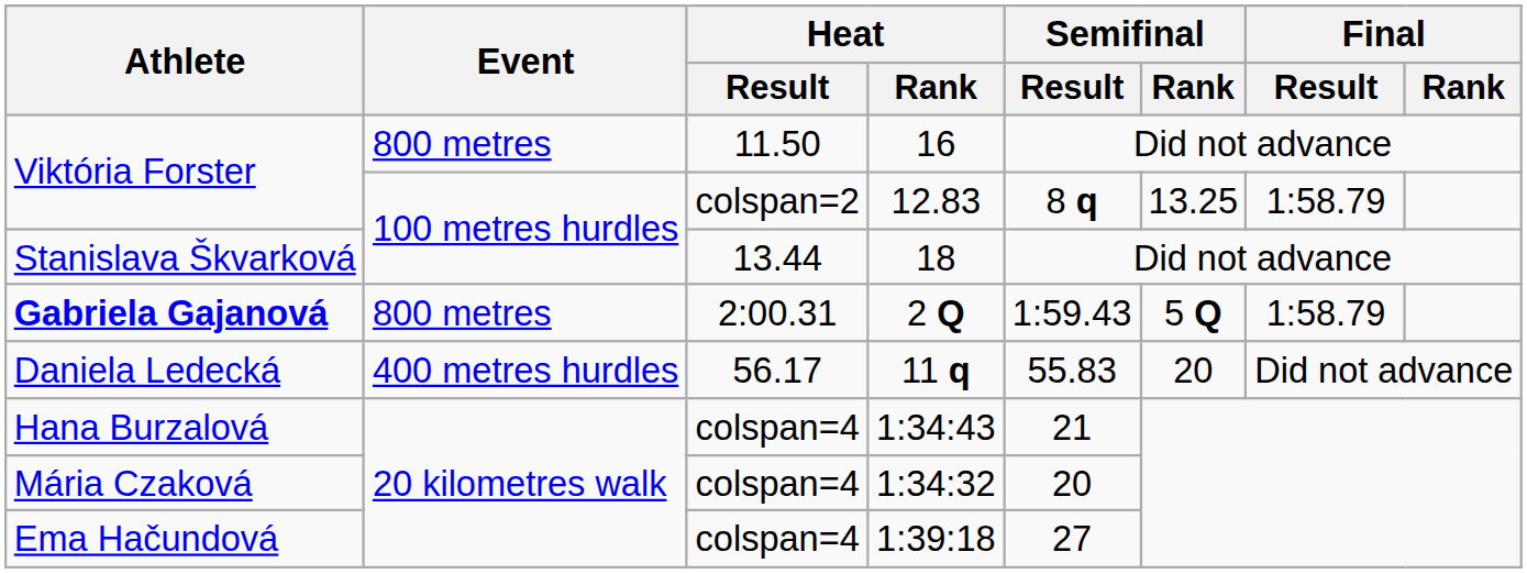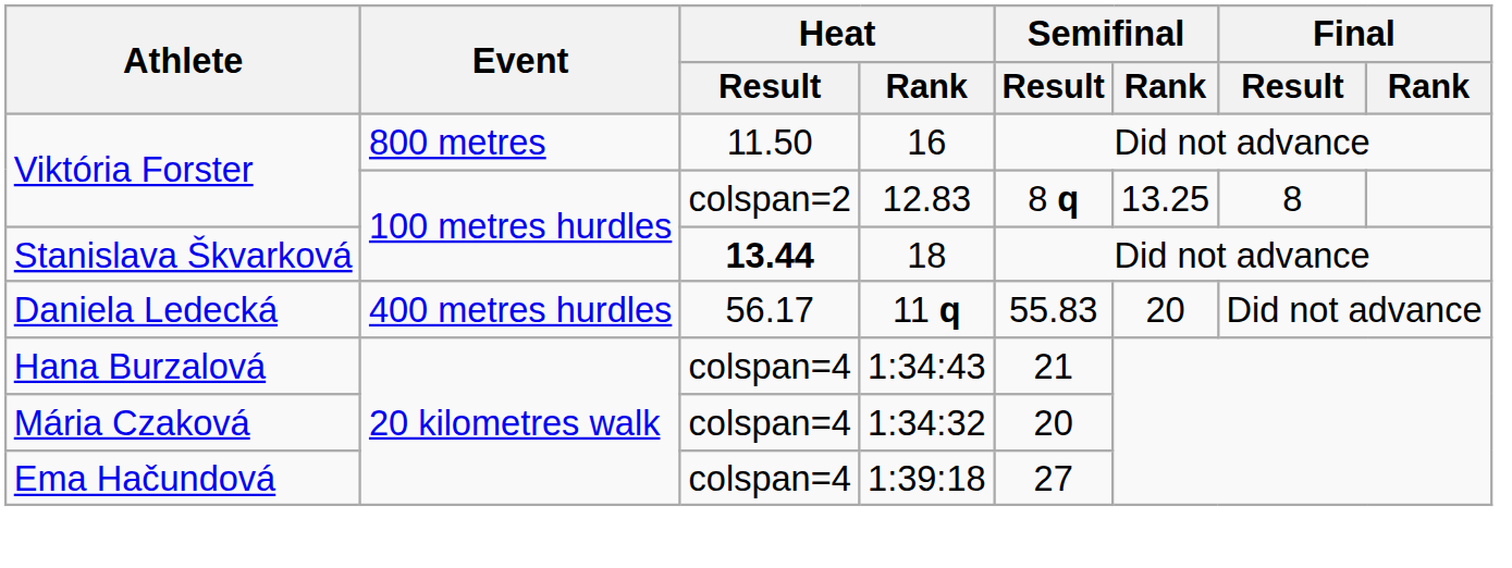 <table class=wikitable style=font-size:90%>
 <tr>
 <th rowspan=2>Athlete</th>
 <th rowspan=2>Event</th>
 <th colspan=2>Heat</th>
 <th colspan=2>Semifinal</th>
 <th colspan=2>Final</th>
 </tr>
 <tr style=font-size:95%>
 <th>Result</th>
 <th>Rank</th>
 <th>Result</th>
 <th>Rank</th>
 <th>Result</th>
 <th>Rank</th>
 </tr>
 <tr align=center>
 <td align=left rowspan=2><a href='#'>Viktória Forster</a></td>
 <td align=left><a href='#'>800 metres</a></td>
 <td>11.50</td>
 <td>16</td>
 <td colspan=4>Did not advance</td>
 </tr>
 <tr align=center>
 <td align=left rowspan=2><a href='#'>100 metres hurdles</a></td>
 <td>colspan=2 </td>
 <td>12.83 </td>
 <td>8 <strong>q</strong></td>
 <td>13.25</td>
-<td>1:58.79 </td>
+<td>8</td>
 </tr>
 <tr align=center>
 <td align=left><a href='#'>Stanislava Škvarková</a></td>
-<td>13.44</td>
+<td><strong>13.44</strong></td>
 <td>18</td>
 <td colspan=4>Did not advance</td>
-</tr>
-<tr align=center>
-<td align=left><strong><a href='#'>Gabriela Gajanová</a></strong></td>
-<td align=left><a href='#'>800 metres</a></td>
-<td>2:00.31</td>
-<td>2 <strong>Q</strong></td>
-<td>1:59.43 </td>
-<td>5 <strong>Q</strong></td>
-<td>1:58.79 </td>
-<td></td>
 </tr>
 <tr align=center>
 <td align=left><a href='#'>Daniela Ledecká</a></td>
 <td align=left><a href='#'>400 metres hurdles</a></td>
 <td>56.17 </td>
 <td>11 <strong>q</strong></td>
 <td>55.83  </td>
 <td>20</td>
 <td colspan=2>Did not advance</td>
 </tr>
 <tr align=center>
 <td align=left><a href='#'>Hana Burzalová</a></td>
 <td rowspan=3 align=left><a href='#'>20 kilometres walk</a></td>
 <td>colspan=4</td>
 <td>1:34:43</td>
 <td>21</td>
 </tr>
 <tr align=center>
 <td align=left><a href='#'>Mária Czaková</a></td>
 <td>colspan=4</td>
 <td>1:34:32</td>
 <td>20</td>
 </tr>
 <tr align=center>
 <td align=left><a href='#'>Ema Hačundová</a></td>
 <td>colspan=4</td>
 <td>1:39:18</td>
 <td>27</td>
 </tr>
 </table>
